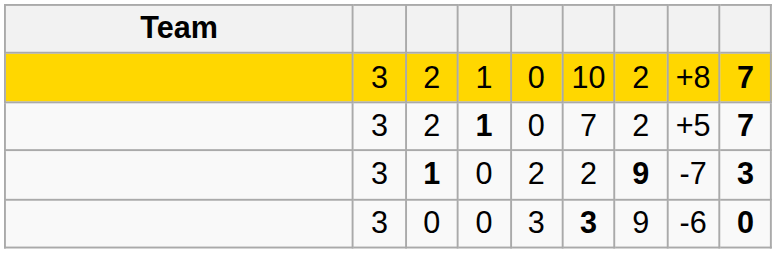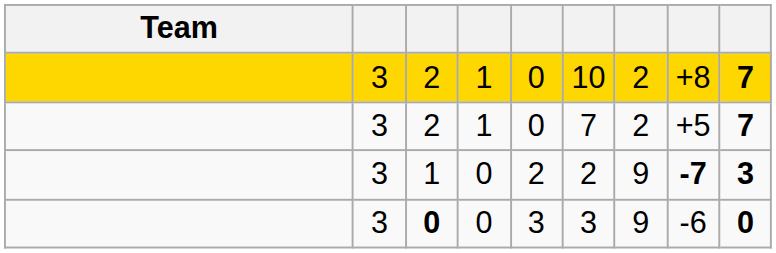 <table class="wikitable" style="text-align: center;">
 <tr>
 <th style="width:175px;">Team</th>
 <th width="20"></th>
 <th width="20"></th>
 <th width="20"></th>
 <th width="20"></th>
 <th width="20"></th>
 <th width="20"></th>
 <th width="20"></th>
 <th width="20"></th>
 </tr>
 <tr style="background:gold;">
 <td align=left></td>
 <td>3</td>
 <td>2</td>
 <td>1</td>
 <td>0</td>
 <td>10</td>
 <td>2</td>
 <td>+8</td>
 <td><strong>7</strong></td>
 </tr>
 <tr bgcolor="">
 <td align=left></td>
 <td>3</td>
 <td>2</td>
-<td><strong>1</strong></td>
+<td>1</td>
 <td>0</td>
 <td>7</td>
 <td>2</td>
 <td>+5</td>
 <td><strong>7</strong></td>
 </tr>
 <tr bgcolor="">
 <td align=left></td>
 <td>3</td>
-<td><strong>1</strong></td>
+<td>1</td>
 <td>0</td>
 <td>2</td>
 <td>2</td>
-<td><strong>9</strong></td>
-<td>-7</td>
+<td>9</td>
+<td><strong>-7</strong></td>
 <td><strong>3</strong></td>
 </tr>
 <tr bgcolor="">
 <td align=left></td>
 <td>3</td>
-<td>0</td>
+<td><strong>0</strong></td>
 <td>0</td>
 <td>3</td>
-<td><strong>3</strong></td>
+<td>3</td>
 <td>9</td>
 <td>-6</td>
 <td><strong>0</strong></td>
 </tr>
 </table>
